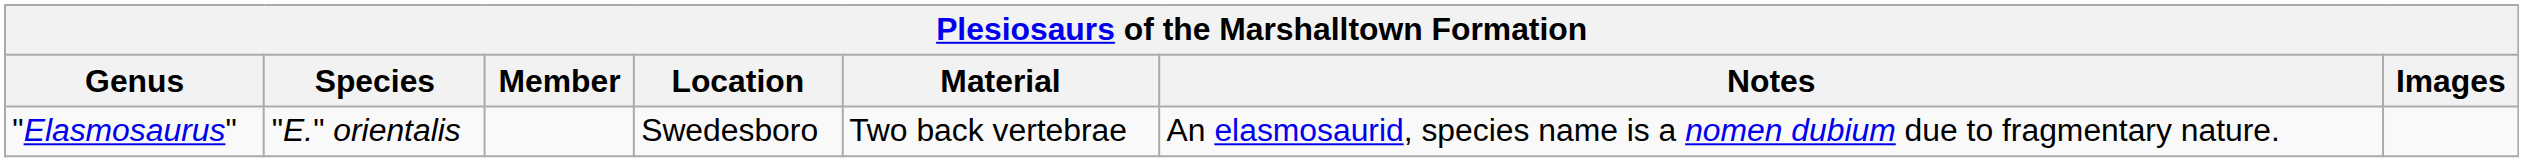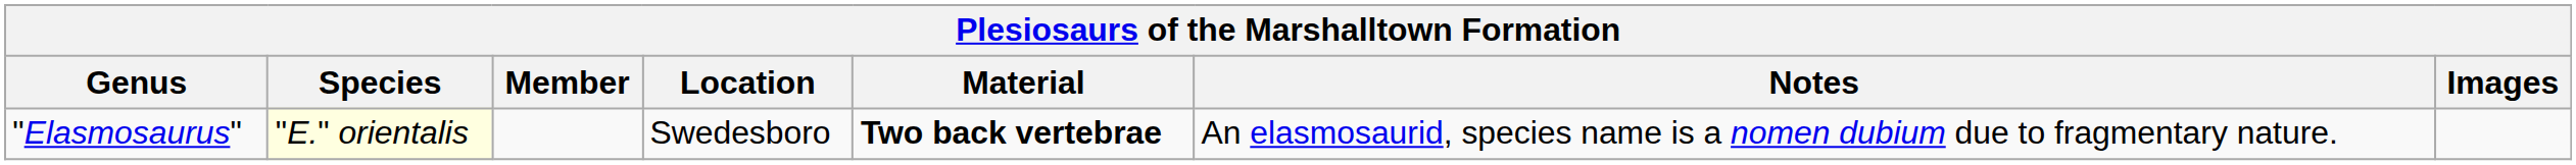 <table class="wikitable" align="center" width="100%">
 <tr>
 <th colspan="8" align="center"><strong><a href='#'>Plesiosaurs</a> of the Marshalltown Formation</strong></th>
 </tr>
 <tr>
 <th>Genus</th>
 <th>Species</th>
 <th>Member</th>
 <th>Location</th>
 <th>Material</th>
 <th>Notes</th>
 <th>Images</th>
 </tr>
 <tr>
 <td>"<em><a href='#'>Elasmosaurus</a></em>"</td>
-<td>"<em>E.</em>" <em>orientalis</em></td>
+<td style="background: lightyellow;">"<em>E.</em>" <em>orientalis</em></td>
 <td></td>
 <td>Swedesboro</td>
-<td>Two back vertebrae</td>
+<td><strong>Two back vertebrae</strong></td>
 <td>An <a href='#'>elasmosaurid</a>, species name is a <em><a href='#'>nomen dubium</a></em> due to fragmentary nature.</td>
 <td></td>
 </tr>
 </table>
